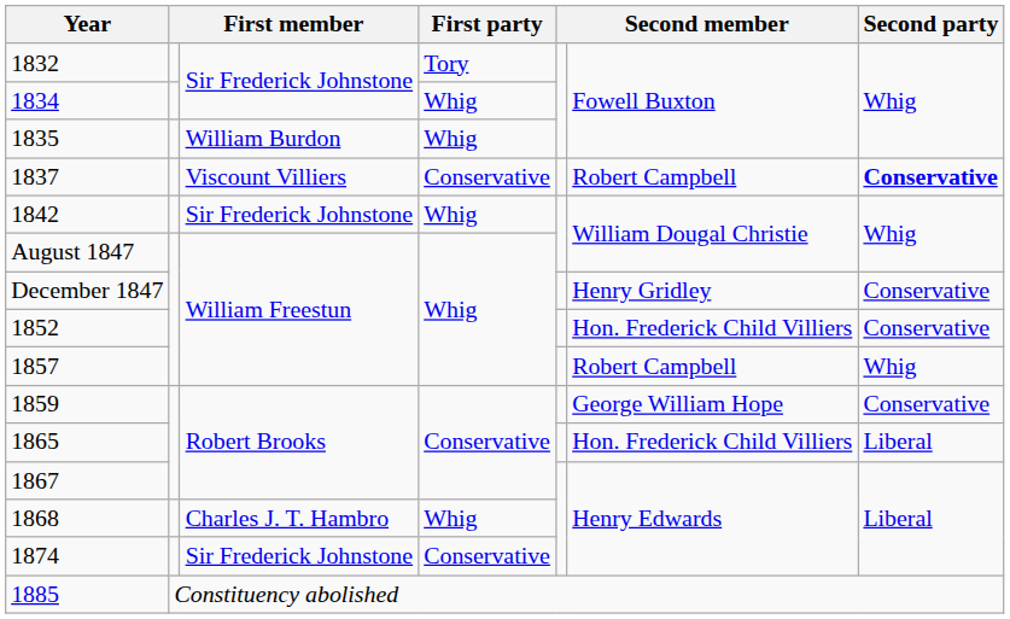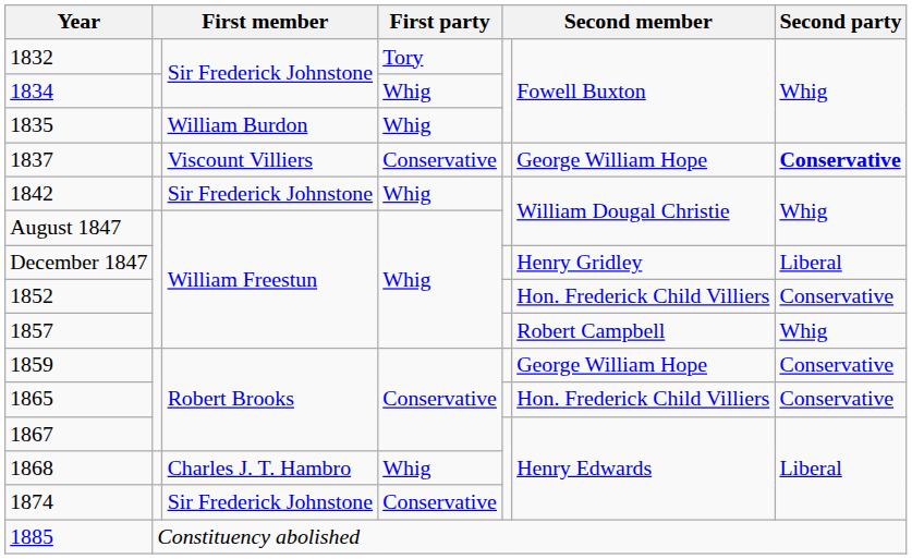 <table class="wikitable">
 <tr>
 <th>Year</th>
 <th colspan="2">First member</th>
 <th>First party</th>
 <th colspan="2">Second member</th>
 <th>Second party</th>
 </tr>
 <tr>
 <td>1832</td>
 <td style="color:inherit;background-color: "></td>
 <td rowspan="2"><a href='#'>Sir Frederick Johnstone</a></td>
 <td><a href='#'>Tory</a></td>
 <td rowspan="3" style="color:inherit;background-color: "></td>
 <td rowspan="3"><a href='#'>Fowell Buxton</a></td>
 <td rowspan="3"><a href='#'>Whig</a></td>
 </tr>
 <tr>
 <td><a href='#'>1834</a></td>
 <td style="color:inherit;background-color: "></td>
 <td><a href='#'>Whig</a></td>
 </tr>
 <tr>
 <td>1835</td>
 <td style="color:inherit;background-color: "></td>
 <td><a href='#'>William Burdon</a></td>
 <td><a href='#'>Whig</a></td>
 </tr>
 <tr>
 <td>1837</td>
 <td style="color:inherit;background-color: "></td>
 <td><a href='#'>Viscount Villiers</a></td>
 <td><a href='#'>Conservative</a></td>
 <td style="color:inherit;background-color: "></td>
-<td><a href='#'>Robert Campbell</a></td>
+<td><a href='#'>George William Hope</a></td>
 <td><strong><a href='#'>Conservative</a></strong></td>
 </tr>
 <tr>
 <td>1842</td>
 <td style="color:inherit;background-color: "></td>
 <td><a href='#'>Sir Frederick Johnstone</a></td>
 <td><a href='#'>Whig</a></td>
 <td rowspan="2" style="color:inherit;background-color: "></td>
 <td rowspan="2"><a href='#'>William Dougal Christie</a></td>
 <td rowspan="2"><a href='#'>Whig</a></td>
 </tr>
 <tr>
 <td>August 1847</td>
 <td rowspan="4" style="color:inherit;background-color: "></td>
 <td rowspan="4"><a href='#'>William Freestun</a></td>
 <td rowspan="4"><a href='#'>Whig</a></td>
 </tr>
 <tr>
 <td>December 1847</td>
 <td style="color:inherit;background-color: "></td>
 <td><a href='#'>Henry Gridley</a></td>
-<td><a href='#'>Conservative</a></td>
+<td><a href='#'>Liberal</a></td>
 </tr>
 <tr>
 <td>1852</td>
 <td style="color:inherit;background-color: "></td>
 <td><a href='#'>Hon. Frederick Child Villiers</a></td>
 <td><a href='#'>Conservative</a></td>
 </tr>
 <tr>
 <td>1857</td>
 <td style="color:inherit;background-color: "></td>
 <td><a href='#'>Robert Campbell</a></td>
 <td><a href='#'>Whig</a></td>
 </tr>
 <tr>
 <td>1859</td>
 <td rowspan="3" style="color:inherit;background-color: "></td>
 <td rowspan="3"><a href='#'>Robert Brooks</a></td>
 <td rowspan="3"><a href='#'>Conservative</a></td>
 <td style="color:inherit;background-color: "></td>
 <td><a href='#'>George William Hope</a></td>
 <td><a href='#'>Conservative</a></td>
 </tr>
 <tr>
 <td>1865</td>
 <td style="color:inherit;background-color: "></td>
 <td><a href='#'>Hon. Frederick Child Villiers</a></td>
-<td><a href='#'>Liberal</a></td>
+<td><a href='#'>Conservative</a></td>
 </tr>
 <tr>
 <td>1867</td>
 <td rowspan="3" style="color:inherit;background-color: "></td>
 <td rowspan="3"><a href='#'>Henry Edwards</a></td>
 <td rowspan="3"><a href='#'>Liberal</a></td>
 </tr>
 <tr>
 <td>1868</td>
 <td style="color:inherit;background-color: "></td>
 <td><a href='#'>Charles J. T. Hambro</a></td>
 <td><a href='#'>Whig</a></td>
 </tr>
 <tr>
 <td>1874</td>
 <td style="color:inherit;background-color: "></td>
 <td><a href='#'>Sir Frederick Johnstone</a></td>
 <td><a href='#'>Conservative</a></td>
 </tr>
 <tr>
 <td><a href='#'>1885</a></td>
 <td colspan="6"><em>Constituency abolished</em></td>
 </tr>
 </table>
